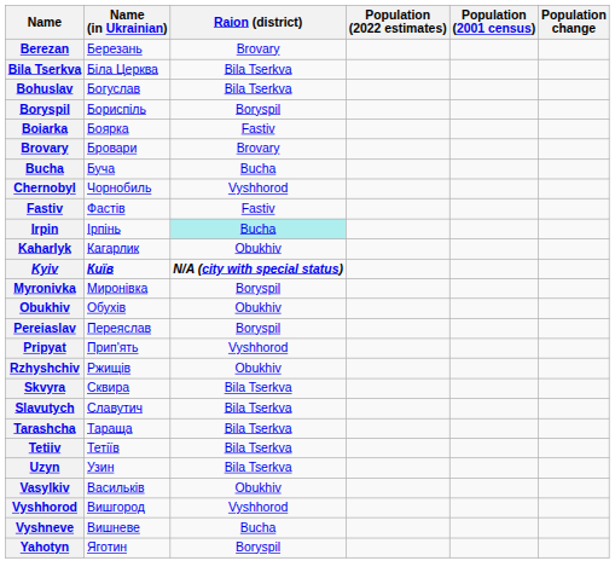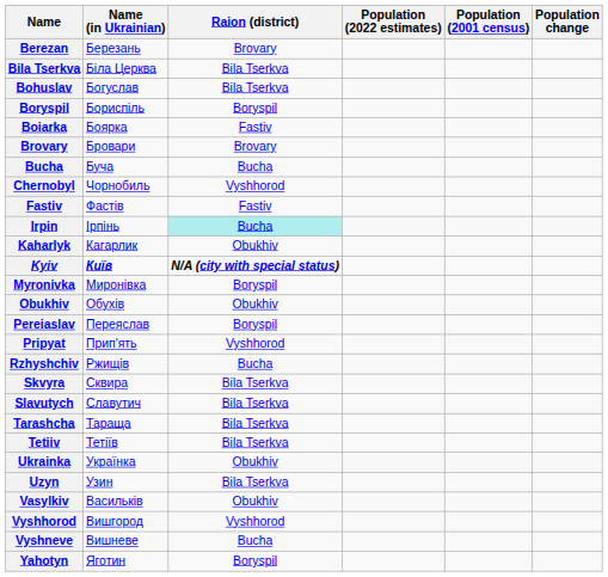 <table class="wikitable sortable sticky-header" id="Table of cities" caption="Tabulated list of cities in ">
 <tr>
 <th scope="col">Name</th>
 <th scope="col">Name<br>(in <a href='#'>Ukrainian</a>)</th>
 <th scope="col"><a href='#'>Raion</a> (district)</th>
 <th scope="col">Population<br>(2022 estimates)</th>
 <th scope="col">Population<br>(<a href='#'>2001 census</a>)</th>
 <th scope="col">Population<br>change</th>
 </tr>
 <tr>
 <th scope="row" align="left"><a href='#'>Berezan</a></th>
 <td><a href='#'>Березань</a></td>
 <td align=center><a href='#'>Brovary</a></td>
 <td align=right></td>
 <td align=right></td>
 <td align=right></td>
 </tr>
 <tr>
 <th scope="row" align="left"><a href='#'>Bila Tserkva</a></th>
 <td><a href='#'>Біла Церква</a></td>
 <td align=center><a href='#'>Bila Tserkva</a></td>
 <td align=right></td>
 <td align=right></td>
 <td align=right></td>
 </tr>
 <tr>
 <th scope="row" align="left"><a href='#'>Bohuslav</a></th>
 <td><a href='#'>Богуслав</a></td>
 <td align=center><a href='#'>Bila Tserkva</a></td>
 <td align=right></td>
 <td align=right></td>
 <td align=right></td>
 </tr>
 <tr>
 <th scope="row" align="left"><a href='#'>Boryspil</a></th>
 <td><a href='#'>Бориспіль</a></td>
 <td align=center><a href='#'>Boryspil</a></td>
 <td align=right></td>
 <td align=right></td>
 <td align=right></td>
 </tr>
 <tr>
 <th scope="row" align="left"><a href='#'>Boiarka</a></th>
 <td><a href='#'>Боярка</a></td>
 <td align=center><a href='#'>Fastiv</a></td>
 <td align=right></td>
 <td align=right></td>
 <td align=right></td>
 </tr>
 <tr>
 <th scope="row" align="left"><a href='#'>Brovary</a></th>
 <td><a href='#'>Бровари</a></td>
 <td align=center><a href='#'>Brovary</a></td>
 <td align=right></td>
 <td align=right></td>
 <td align=right></td>
 </tr>
 <tr>
 <th scope="row" align="left"><a href='#'>Bucha</a></th>
 <td><a href='#'>Буча</a></td>
 <td align=center><a href='#'>Bucha</a></td>
 <td align=right></td>
 <td align=right></td>
 <td align=right></td>
 </tr>
 <tr>
 <th scope="row" align="left"><a href='#'>Chernobyl</a></th>
 <td><a href='#'>Чорнобиль</a></td>
 <td align=center><a href='#'>Vyshhorod</a></td>
 <td align=right></td>
 <td align=right></td>
 <td align=right></td>
 </tr>
 <tr>
 <th scope="row" align="left"><a href='#'>Fastiv</a></th>
 <td><a href='#'>Фастів</a></td>
 <td align=center><a href='#'>Fastiv</a></td>
 <td align=right></td>
 <td align=right></td>
 <td align=right></td>
 </tr>
 <tr>
 <th scope="row" align="left"><a href='#'>Irpin</a></th>
 <td><a href='#'>Ірпінь</a></td>
 <td align=center style="background: paleturquoise;"><a href='#'>Bucha</a></td>
 <td align=right></td>
 <td align=right></td>
 <td align=right></td>
 </tr>
 <tr>
 <th scope="row" align="left"><a href='#'>Kaharlyk</a></th>
 <td><a href='#'>Кагарлик</a></td>
 <td align=center><a href='#'>Obukhiv</a></td>
 <td align=right></td>
 <td align=right></td>
 <td align=right></td>
 </tr>
 <tr>
 <th scope="row" align="left"><strong><em><a href='#'>Kyiv</a></em></strong></th>
 <td><strong><em><a href='#'>Київ</a></em></strong></td>
 <td align=center><strong><em>N/A (<a href='#'>city with special status</a>)</em></strong></td>
 <td align=right><strong><em></em></strong></td>
 <td align=right><strong><em></em></strong></td>
 <td align=right><strong><em></em></strong></td>
 </tr>
 <tr>
 <th scope="row" align="left"><a href='#'>Myronivka</a></th>
 <td><a href='#'>Миронівка</a></td>
 <td align=center><a href='#'>Boryspil</a></td>
 <td align=right></td>
 <td align=right></td>
 <td align=right></td>
 </tr>
 <tr>
 <th scope="row" align="left"><a href='#'>Obukhiv</a></th>
 <td><a href='#'>Обухів</a></td>
 <td align=center><a href='#'>Obukhiv</a></td>
 <td align=right></td>
 <td align=right></td>
 <td align=right></td>
 </tr>
 <tr>
 <th scope="row" align="left"><a href='#'>Pereiaslav</a></th>
 <td><a href='#'>Переяслав</a></td>
 <td align=center><a href='#'>Boryspil</a></td>
 <td align=right></td>
 <td align=right></td>
 <td align=right></td>
 </tr>
 <tr>
 <th scope="row" align="left"><a href='#'>Pripyat</a></th>
 <td><a href='#'>Прип'ять</a></td>
 <td align=center><a href='#'>Vyshhorod</a></td>
 <td align=right></td>
 <td align=right></td>
 <td align=right></td>
 </tr>
 <tr>
 <th scope="row" align="left"><a href='#'>Rzhyshchiv</a></th>
 <td><a href='#'>Ржищів</a></td>
-<td align=center><a href='#'>Obukhiv</a></td>
+<td align=center><a href='#'>Bucha</a></td>
 <td align=right></td>
 <td align=right></td>
 <td align=right></td>
 </tr>
 <tr>
 <th scope="row" align="left"><a href='#'>Skvyra</a></th>
 <td><a href='#'>Сквира</a></td>
 <td align=center><a href='#'>Bila Tserkva</a></td>
 <td align=right></td>
 <td align=right></td>
 <td align=right></td>
 </tr>
 <tr>
 <th scope="row" align="left"><a href='#'>Slavutych</a></th>
 <td><a href='#'>Славутич</a></td>
 <td align=center><a href='#'>Bila Tserkva</a></td>
 <td align=right></td>
 <td align=right></td>
 <td align=right></td>
 </tr>
 <tr>
 <th scope="row" align="left"><a href='#'>Tarashcha</a></th>
 <td><a href='#'>Тараща</a></td>
 <td align=center><a href='#'>Bila Tserkva</a></td>
 <td align=right></td>
 <td align=right></td>
 <td align=right></td>
 </tr>
 <tr>
 <th scope="row" align="left"><a href='#'>Tetiiv</a></th>
 <td><a href='#'>Тетіїв</a></td>
 <td align=center><a href='#'>Bila Tserkva</a></td>
+<td align=right></td>
+<td align=right></td>
+<td align=right></td>
+</tr>
+<tr>
+<th scope="row" align="left"><a href='#'>Ukrainka</a></th>
+<td><a href='#'>Українка</a></td>
+<td align=center><a href='#'>Obukhiv</a></td>
 <td align=right></td>
 <td align=right></td>
 <td align=right></td>
 </tr>
 <tr>
 <th scope="row" align="left"><a href='#'>Uzyn</a></th>
 <td><a href='#'>Узин</a></td>
 <td align=center><a href='#'>Bila Tserkva</a></td>
 <td align=right></td>
 <td align=right></td>
 <td align=right></td>
 </tr>
 <tr>
 <th scope="row" align="left"><a href='#'>Vasylkiv</a></th>
 <td><a href='#'>Васильків</a></td>
 <td align=center><a href='#'>Obukhiv</a></td>
 <td align=right></td>
 <td align=right></td>
 <td align=right></td>
 </tr>
 <tr>
 <th scope="row" align="left"><a href='#'>Vyshhorod</a></th>
 <td><a href='#'>Вишгород</a></td>
 <td align=center><a href='#'>Vyshhorod</a></td>
 <td align=right></td>
 <td align=right></td>
 <td align=right></td>
 </tr>
 <tr>
 <th scope="row" align="left"><a href='#'>Vyshneve</a></th>
 <td><a href='#'>Вишневе</a></td>
 <td align=center><a href='#'>Bucha</a></td>
 <td align=right></td>
 <td align=right></td>
 <td align=right></td>
 </tr>
 <tr>
 <th scope="row" align="left"><a href='#'>Yahotyn</a></th>
 <td><a href='#'>Яготин</a></td>
 <td align=center><a href='#'>Boryspil</a></td>
 <td align=right></td>
 <td align=right></td>
 <td align=right></td>
 </tr>
 </table>
